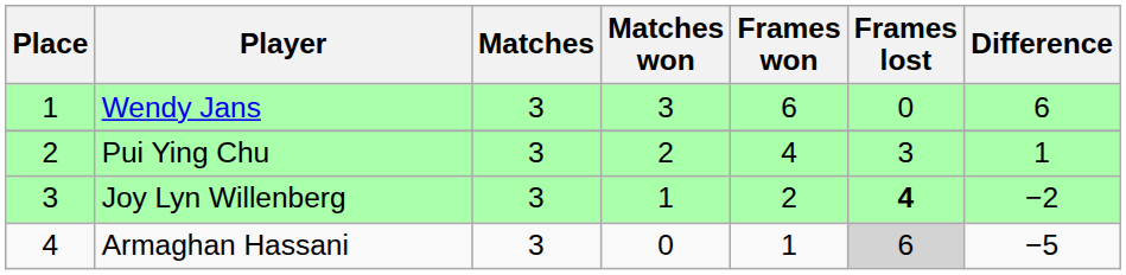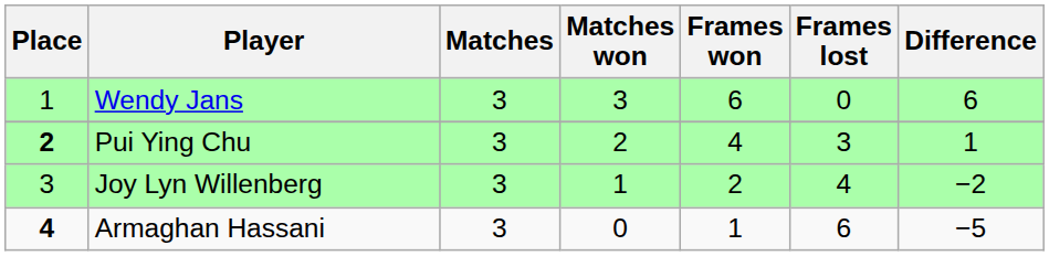 <table class="wikitable" style="text-align: center;">
 <tr>
 <th width=20>Place</th>
 <th width=200>Player</th>
 <th width=20>Matches</th>
 <th width=20>Matches won</th>
 <th width=20>Frames won</th>
 <th width=20>Frames lost</th>
 <th width=20>Difference</th>
 </tr>
 <tr style="background:#aaffaa;">
 <td>1</td>
 <td style="text-align:left;"> <a href='#'>Wendy Jans</a></td>
 <td>3</td>
 <td>3</td>
 <td>6</td>
 <td>0</td>
 <td>6</td>
 </tr>
 <tr>
 </tr>
 <tr style="background:#aaffaa;">
-<td>2</td>
+<td><strong>2</strong></td>
 <td style="text-align:left;"> Pui Ying Chu</td>
 <td>3</td>
 <td>2</td>
 <td>4</td>
 <td>3</td>
 <td>1</td>
 </tr>
 <tr style="background:#aaffaa;">
 <td>3</td>
 <td style="text-align:left;"> Joy Lyn Willenberg</td>
 <td>3</td>
 <td>1</td>
 <td>2</td>
-<td><strong>4</strong></td>
+<td>4</td>
 <td>−2</td>
 </tr>
 <tr>
-<td>4</td>
+<td><strong>4</strong></td>
 <td style="text-align:left;"> Armaghan Hassani</td>
 <td>3</td>
 <td>0</td>
 <td>1</td>
-<td style="background: lightgrey;">6</td>
+<td>6</td>
 <td>−5</td>
 </tr>
 </table>
